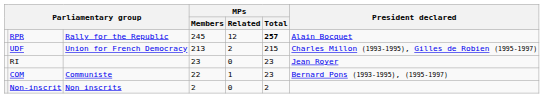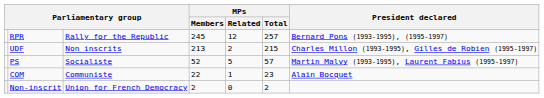 <table class="wikitable">
 <tr>
 <th colspan="3" rowspan="2">Parliamentary group</th>
 <th colspan="3">MPs</th>
 <th rowspan="2">President declared</th>
 </tr>
 <tr>
 <th>Members</th>
 <th>Related</th>
 <th>Total</th>
 </tr>
 <tr>
 <td style="background-color: "></td>
 <td><a href='#'>RPR</a></td>
 <td><a href='#'>Rally for the Republic</a></td>
 <td>245</td>
 <td>12</td>
-<td><strong>257</strong></td>
-<td><a href='#'>Alain Bocquet</a></td>
+<td>257</td>
+<td><a href='#'>Bernard Pons</a> <small>(1993-1995)</small>,  <small>(1995-1997)</small></td>
 </tr>
 <tr>
 <td style="background-color: "></td>
 <td><a href='#'>UDF</a></td>
-<td><a href='#'>Union for French Democracy</a></td>
+<td><a href='#'>Non inscrits</a></td>
 <td>213</td>
 <td>2</td>
 <td>215</td>
 <td><a href='#'>Charles Millon</a> <small>(1993-1995)</small>, <a href='#'>Gilles de Robien</a> <small>(1995-1997)</small></td>
 </tr>
 <tr>
-<td></td>
-<td>RI</td>
-<td></td>
-<td>23</td>
-<td>0</td>
-<td>23</td>
-<td><a href='#'>Jean Royer</a></td>
+<td style="background-color: "></td>
+<td><a href='#'>PS</a></td>
+<td><a href='#'>Socialiste</a></td>
+<td>52</td>
+<td>5</td>
+<td>57</td>
+<td><a href='#'>Martin Malvy</a> <small>(1993-1995)</small>, <a href='#'>Laurent Fabius</a> <small>(1995-1997)</small></td>
 </tr>
 <tr>
 <td style="background-color: "></td>
 <td><a href='#'>COM</a></td>
 <td><a href='#'>Communiste</a></td>
 <td>22</td>
 <td>1</td>
 <td>23</td>
-<td><a href='#'>Bernard Pons</a> <small>(1993-1995)</small>,  <small>(1995-1997)</small></td>
+<td><a href='#'>Alain Bocquet</a></td>
 </tr>
 <tr>
 <th></th>
 <td><a href='#'>Non-inscrit</a></td>
-<td><a href='#'>Non inscrits</a></td>
+<td><a href='#'>Union for French Democracy</a></td>
 <td>2</td>
 <td>0</td>
 <td>2</td>
 <td></td>
 </tr>
 </table>
